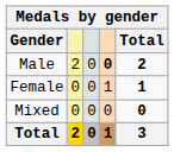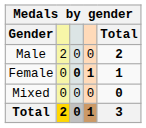 <table class=wikitable style=font-size:85%;float:right;text-align:center>
 <tr>
 <th colspan=5>Medals by gender</th>
 </tr>
 <tr>
 <th>Gender</th>
 <td bgcolor=F7F6A8></td>
 <td bgcolor=DCE5E5></td>
 <td bgcolor=FFDAB9></td>
 <th>Total</th>
 </tr>
 <tr>
 <td>Male</td>
 <td bgcolor=F7F6A8>2</td>
 <td bgcolor=DCE5E5>0</td>
-<td bgcolor=FFDAB9><strong>0</strong></td>
+<td bgcolor=FFDAB9>0</td>
 <td><strong>2</strong></td>
 </tr>
 <tr>
 <td>Female</td>
 <td bgcolor=F7F6A8>0</td>
-<td bgcolor=DCE5E5>0</td>
-<td bgcolor=FFDAB9>1</td>
+<td bgcolor=DCE5E5><strong>0</strong></td>
+<td bgcolor=FFDAB9><strong>1</strong></td>
 <td><strong>1</strong></td>
 </tr>
 <tr>
 <td>Mixed</td>
 <td bgcolor=F7F6A8>0</td>
 <td bgcolor=DCE5E5>0</td>
 <td bgcolor=FFDAB9>0</td>
 <td><strong>0</strong></td>
 </tr>
 <tr>
 <th>Total</th>
 <th style=background:gold>2</th>
 <th style=background:silver>0</th>
 <th style=background:#c96>1</th>
 <th>3</th>
 </tr>
 </table>
